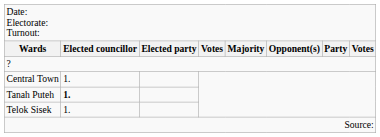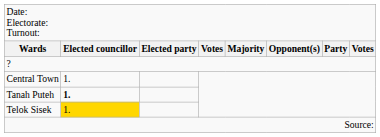 <table class=wikitable>
 <tr>
 <td colspan=8>Date: <br>Electorate: <br>Turnout:</td>
 </tr>
 <tr>
 <th>Wards</th>
 <th>Elected councillor</th>
 <th>Elected party</th>
 <th>Votes</th>
 <th>Majority</th>
 <th>Opponent(s)</th>
 <th>Party</th>
 <th>Votes</th>
 </tr>
 <tr>
 <td colspan=8>? </td>
 </tr>
 <tr>
 <td>Central Town</td>
 <td>1.</td>
 <td></td>
 </tr>
 <tr>
 <td>Tanah Puteh</td>
 <td><strong>1.</strong></td>
 <td></td>
 </tr>
 <tr>
 <td>Telok Sisek</td>
-<td>1.</td>
+<td style="background: gold;">1.</td>
 <td></td>
 </tr>
 <tr>
 <td colspan=8 align=right>Source:</td>
 </tr>
 </table>
